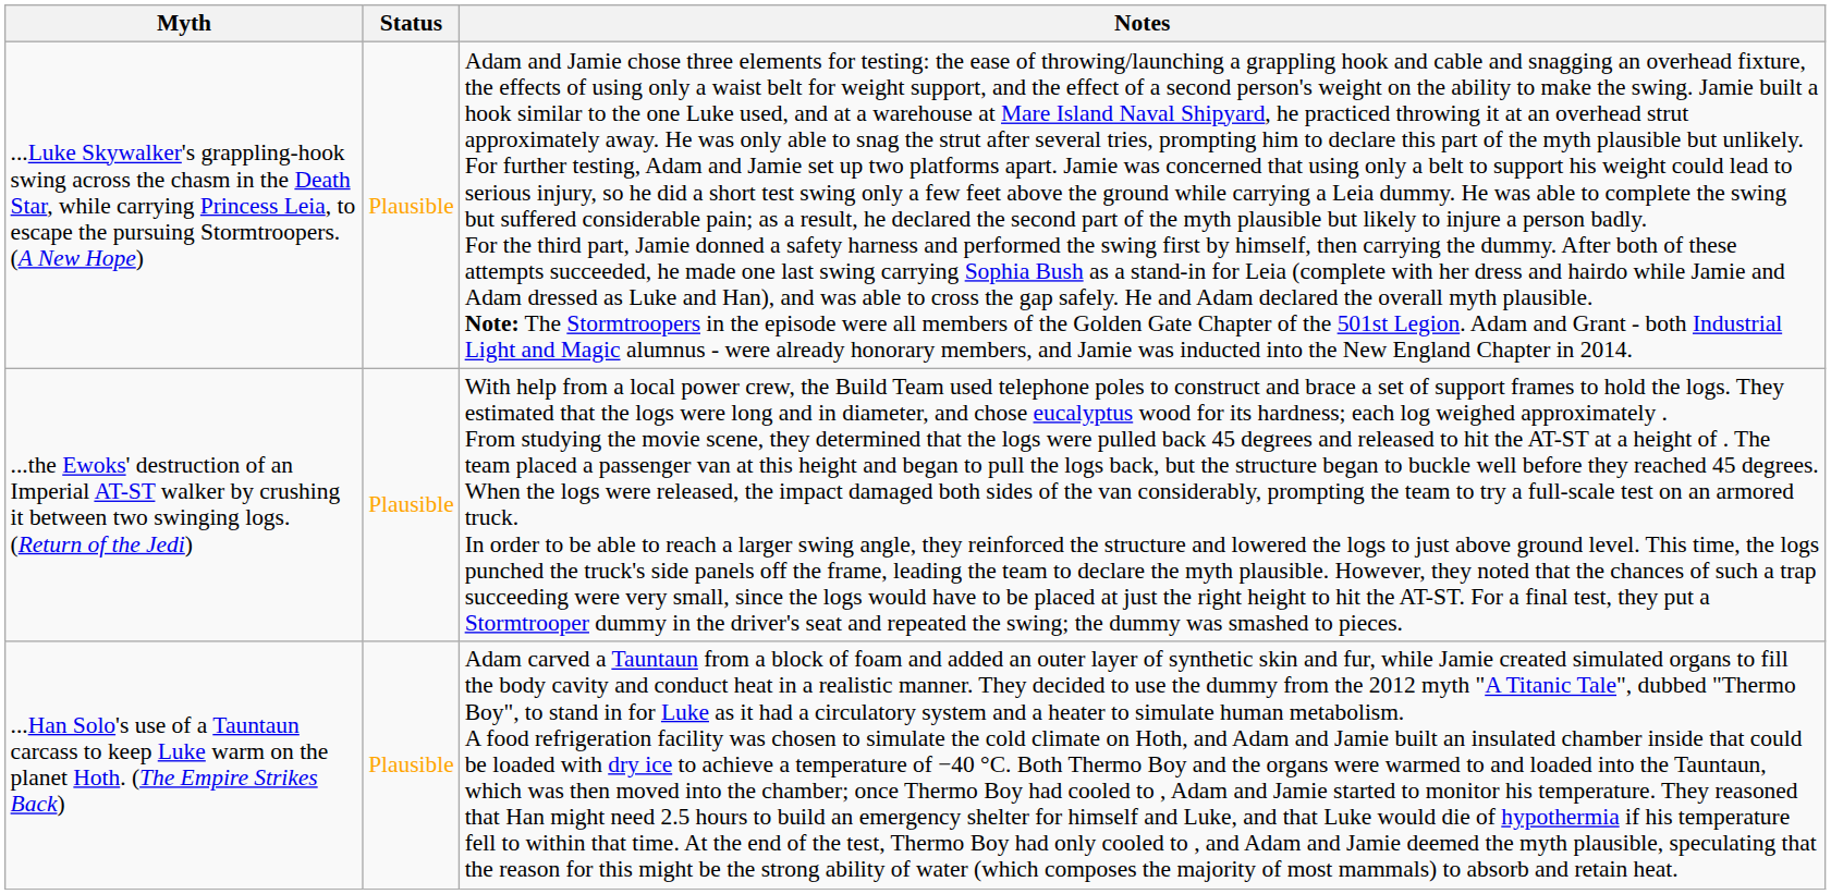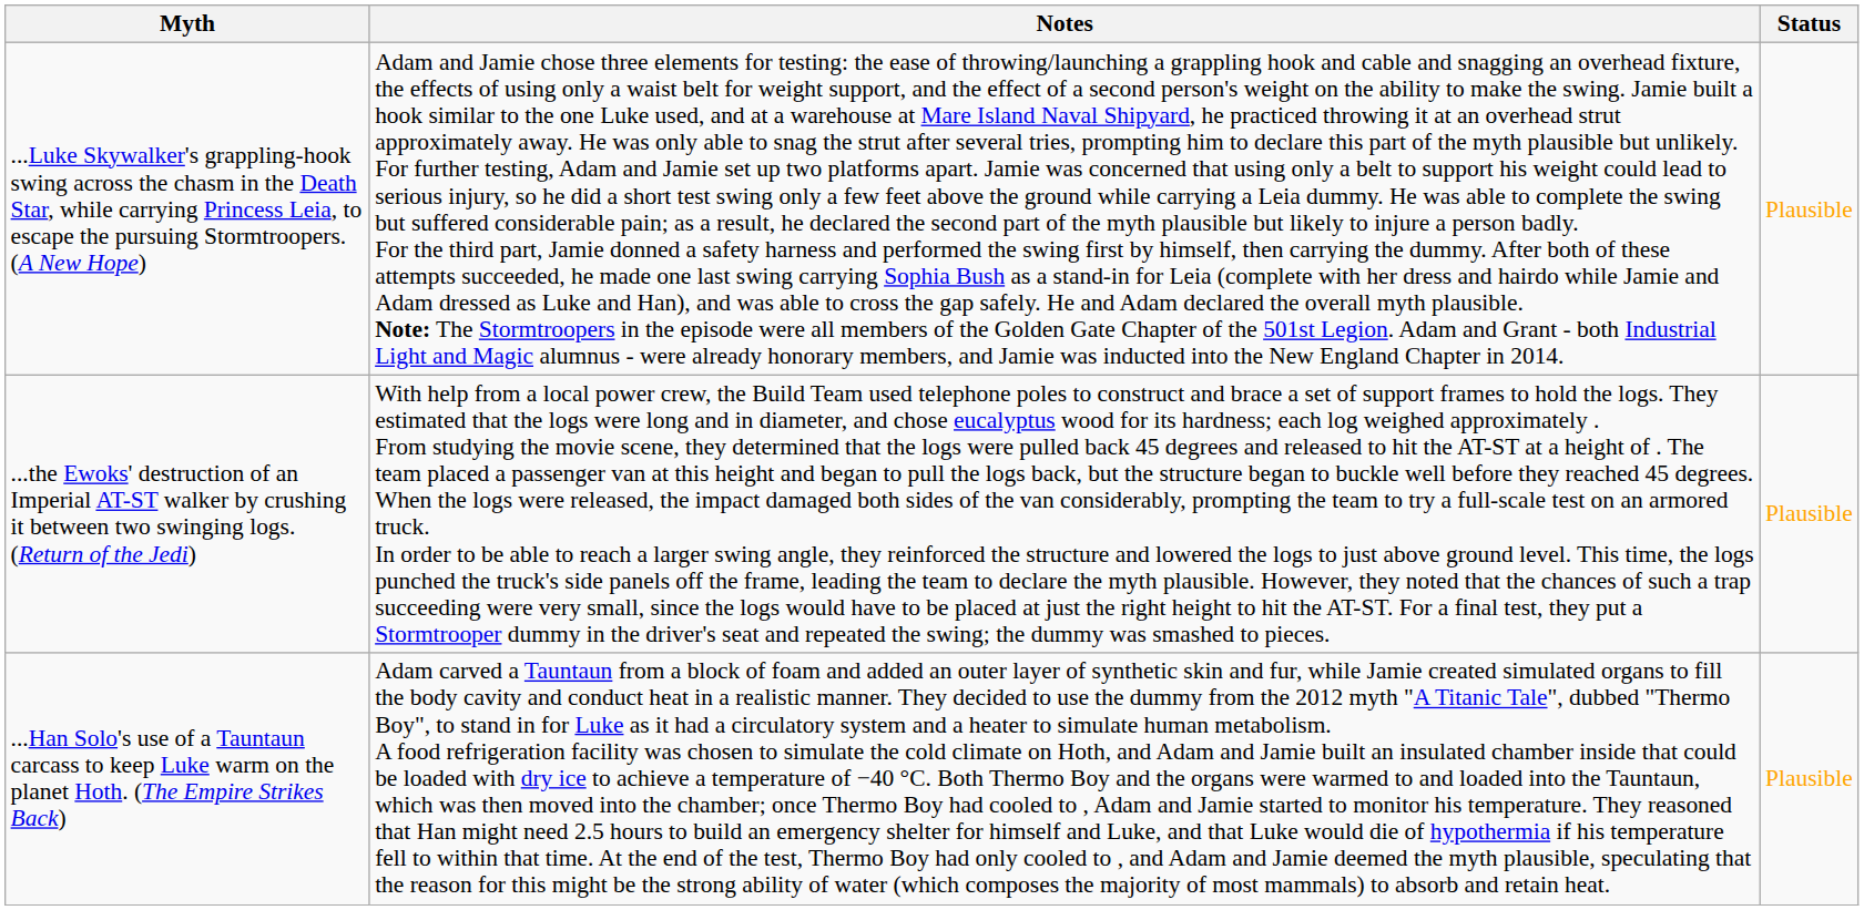 <table class="wikitable plainrowheaders">
 <tr>
 <th scope"col">Myth</th>
+<th scope"col">Notes</th>
 <th scope"col">Status</th>
-<th scope"col">Notes</th>
 </tr>
 <tr>
 <td scope"row">...<a href='#'>Luke Skywalker</a>'s grappling-hook swing across the chasm in the <a href='#'>Death Star</a>, while carrying <a href='#'>Princess Leia</a>, to escape the pursuing Stormtroopers. (<em><a href='#'>A New Hope</a></em>)</td>
+<td>Adam and Jamie chose three elements for testing: the ease of throwing/launching a grappling hook and cable and snagging an overhead fixture, the effects of using only a waist belt for weight support, and the effect of a second person's weight on the ability to make the swing. Jamie built a hook similar to the one Luke used, and at a warehouse at <a href='#'>Mare Island Naval Shipyard</a>, he practiced throwing it at an overhead strut approximately  away. He was only able to snag the strut after several tries, prompting him to declare this part of the myth plausible but unlikely.<br>For further testing, Adam and Jamie set up two platforms  apart. Jamie was concerned that using only a belt to support his weight could lead to serious injury, so he did a short test swing only a few feet above the ground while carrying a Leia dummy. He was able to complete the swing but suffered considerable pain; as a result, he declared the second part of the myth plausible but likely to injure a person badly.<br>For the third part, Jamie donned a safety harness and performed the swing first by himself, then carrying the dummy. After both of these attempts succeeded, he made one last swing carrying <a href='#'>Sophia Bush</a> as a stand-in for Leia (complete with her dress and hairdo while Jamie and Adam dressed as Luke and Han), and was able to cross the gap safely. He and Adam declared the overall myth plausible.<br><strong>Note:</strong> The <a href='#'>Stormtroopers</a> in the episode were all members of the Golden Gate Chapter of the <a href='#'>501st Legion</a>. Adam and Grant - both <a href='#'>Industrial Light and Magic</a> alumnus - were already honorary members, and Jamie was inducted into the New England Chapter in 2014.</td>
 <td style="color:orange">Plausible</td>
-<td>Adam and Jamie chose three elements for testing: the ease of throwing/launching a grappling hook and cable and snagging an overhead fixture, the effects of using only a waist belt for weight support, and the effect of a second person's weight on the ability to make the swing. Jamie built a hook similar to the one Luke used, and at a warehouse at <a href='#'>Mare Island Naval Shipyard</a>, he practiced throwing it at an overhead strut approximately  away. He was only able to snag the strut after several tries, prompting him to declare this part of the myth plausible but unlikely.<br>For further testing, Adam and Jamie set up two platforms  apart. Jamie was concerned that using only a belt to support his weight could lead to serious injury, so he did a short test swing only a few feet above the ground while carrying a Leia dummy. He was able to complete the swing but suffered considerable pain; as a result, he declared the second part of the myth plausible but likely to injure a person badly.<br>For the third part, Jamie donned a safety harness and performed the swing first by himself, then carrying the dummy. After both of these attempts succeeded, he made one last swing carrying <a href='#'>Sophia Bush</a> as a stand-in for Leia (complete with her dress and hairdo while Jamie and Adam dressed as Luke and Han), and was able to cross the gap safely. He and Adam declared the overall myth plausible.<br><strong>Note:</strong> The <a href='#'>Stormtroopers</a> in the episode were all members of the Golden Gate Chapter of the <a href='#'>501st Legion</a>. Adam and Grant - both <a href='#'>Industrial Light and Magic</a> alumnus - were already honorary members, and Jamie was inducted into the New England Chapter in 2014.</td>
 </tr>
 <tr>
 <td scope"row">...the <a href='#'>Ewoks</a>' destruction of an Imperial <a href='#'>AT-ST</a> walker by crushing it between two swinging logs. (<em><a href='#'>Return of the Jedi</a></em>)</td>
+<td>With help from a local power crew, the Build Team used telephone poles to construct and brace a set of support frames to hold the logs. They estimated that the logs were   long and   in diameter, and chose <a href='#'>eucalyptus</a> wood for its hardness; each log weighed approximately .<br>From studying the movie scene, they determined that the logs were pulled back 45 degrees and released to hit the AT-ST at a height of . The team placed a passenger van at this height and began to pull the logs back, but the structure began to buckle well before they reached 45 degrees. When the logs were released, the impact damaged both sides of the van considerably, prompting the team to try a full-scale test on an armored truck.<br>In order to be able to reach a larger swing angle, they reinforced the structure and lowered the logs to just above ground level. This time, the logs punched the truck's side panels off the frame, leading the team to declare the myth plausible. However, they noted that the chances of such a trap succeeding were very small, since the logs would have to be placed at just the right height to hit the AT-ST. For a final test, they put a <a href='#'>Stormtrooper</a> dummy in the driver's seat and repeated the swing; the dummy was smashed to pieces.</td>
 <td style="color:orange">Plausible</td>
-<td>With help from a local power crew, the Build Team used telephone poles to construct and brace a set of support frames to hold the logs. They estimated that the logs were   long and   in diameter, and chose <a href='#'>eucalyptus</a> wood for its hardness; each log weighed approximately .<br>From studying the movie scene, they determined that the logs were pulled back 45 degrees and released to hit the AT-ST at a height of . The team placed a passenger van at this height and began to pull the logs back, but the structure began to buckle well before they reached 45 degrees. When the logs were released, the impact damaged both sides of the van considerably, prompting the team to try a full-scale test on an armored truck.<br>In order to be able to reach a larger swing angle, they reinforced the structure and lowered the logs to just above ground level. This time, the logs punched the truck's side panels off the frame, leading the team to declare the myth plausible. However, they noted that the chances of such a trap succeeding were very small, since the logs would have to be placed at just the right height to hit the AT-ST. For a final test, they put a <a href='#'>Stormtrooper</a> dummy in the driver's seat and repeated the swing; the dummy was smashed to pieces.</td>
 </tr>
 <tr>
 <td scope"row">...<a href='#'>Han Solo</a>'s use of a <a href='#'>Tauntaun</a> carcass to keep <a href='#'>Luke</a> warm on the planet <a href='#'>Hoth</a>. (<em><a href='#'>The Empire Strikes Back</a></em>)</td>
+<td>Adam carved a <a href='#'>Tauntaun</a> from a block of foam and added an outer layer of synthetic skin and fur, while Jamie created simulated organs to fill the body cavity and conduct heat in a realistic manner. They decided to use the dummy from the 2012 myth "<a href='#'>A Titanic Tale</a>", dubbed "Thermo Boy", to stand in for <a href='#'>Luke</a> as it had a circulatory system and a heater to simulate human metabolism.<br>A food refrigeration facility was chosen to simulate the cold climate on Hoth, and Adam and Jamie built an insulated chamber inside that could be loaded with <a href='#'>dry ice</a> to achieve a temperature of −40 °C. Both Thermo Boy and the organs were warmed to  and loaded into the Tauntaun, which was then moved into the chamber; once Thermo Boy had cooled to , Adam and Jamie started to monitor his temperature. They reasoned that Han might need 2.5 hours to build an emergency shelter for himself and Luke, and that Luke would die of <a href='#'>hypothermia</a> if his temperature fell to  within that time. At the end of the test, Thermo Boy had only cooled to , and Adam and Jamie deemed the myth plausible, speculating that the reason for this might be the strong ability of water (which composes the majority of most mammals) to absorb and retain heat.</td>
 <td style="color:orange">Plausible</td>
-<td>Adam carved a <a href='#'>Tauntaun</a> from a block of foam and added an outer layer of synthetic skin and fur, while Jamie created simulated organs to fill the body cavity and conduct heat in a realistic manner. They decided to use the dummy from the 2012 myth "<a href='#'>A Titanic Tale</a>", dubbed "Thermo Boy", to stand in for <a href='#'>Luke</a> as it had a circulatory system and a heater to simulate human metabolism.<br>A food refrigeration facility was chosen to simulate the cold climate on Hoth, and Adam and Jamie built an insulated chamber inside that could be loaded with <a href='#'>dry ice</a> to achieve a temperature of −40 °C. Both Thermo Boy and the organs were warmed to  and loaded into the Tauntaun, which was then moved into the chamber; once Thermo Boy had cooled to , Adam and Jamie started to monitor his temperature. They reasoned that Han might need 2.5 hours to build an emergency shelter for himself and Luke, and that Luke would die of <a href='#'>hypothermia</a> if his temperature fell to  within that time. At the end of the test, Thermo Boy had only cooled to , and Adam and Jamie deemed the myth plausible, speculating that the reason for this might be the strong ability of water (which composes the majority of most mammals) to absorb and retain heat.</td>
 </tr>
 </table>
